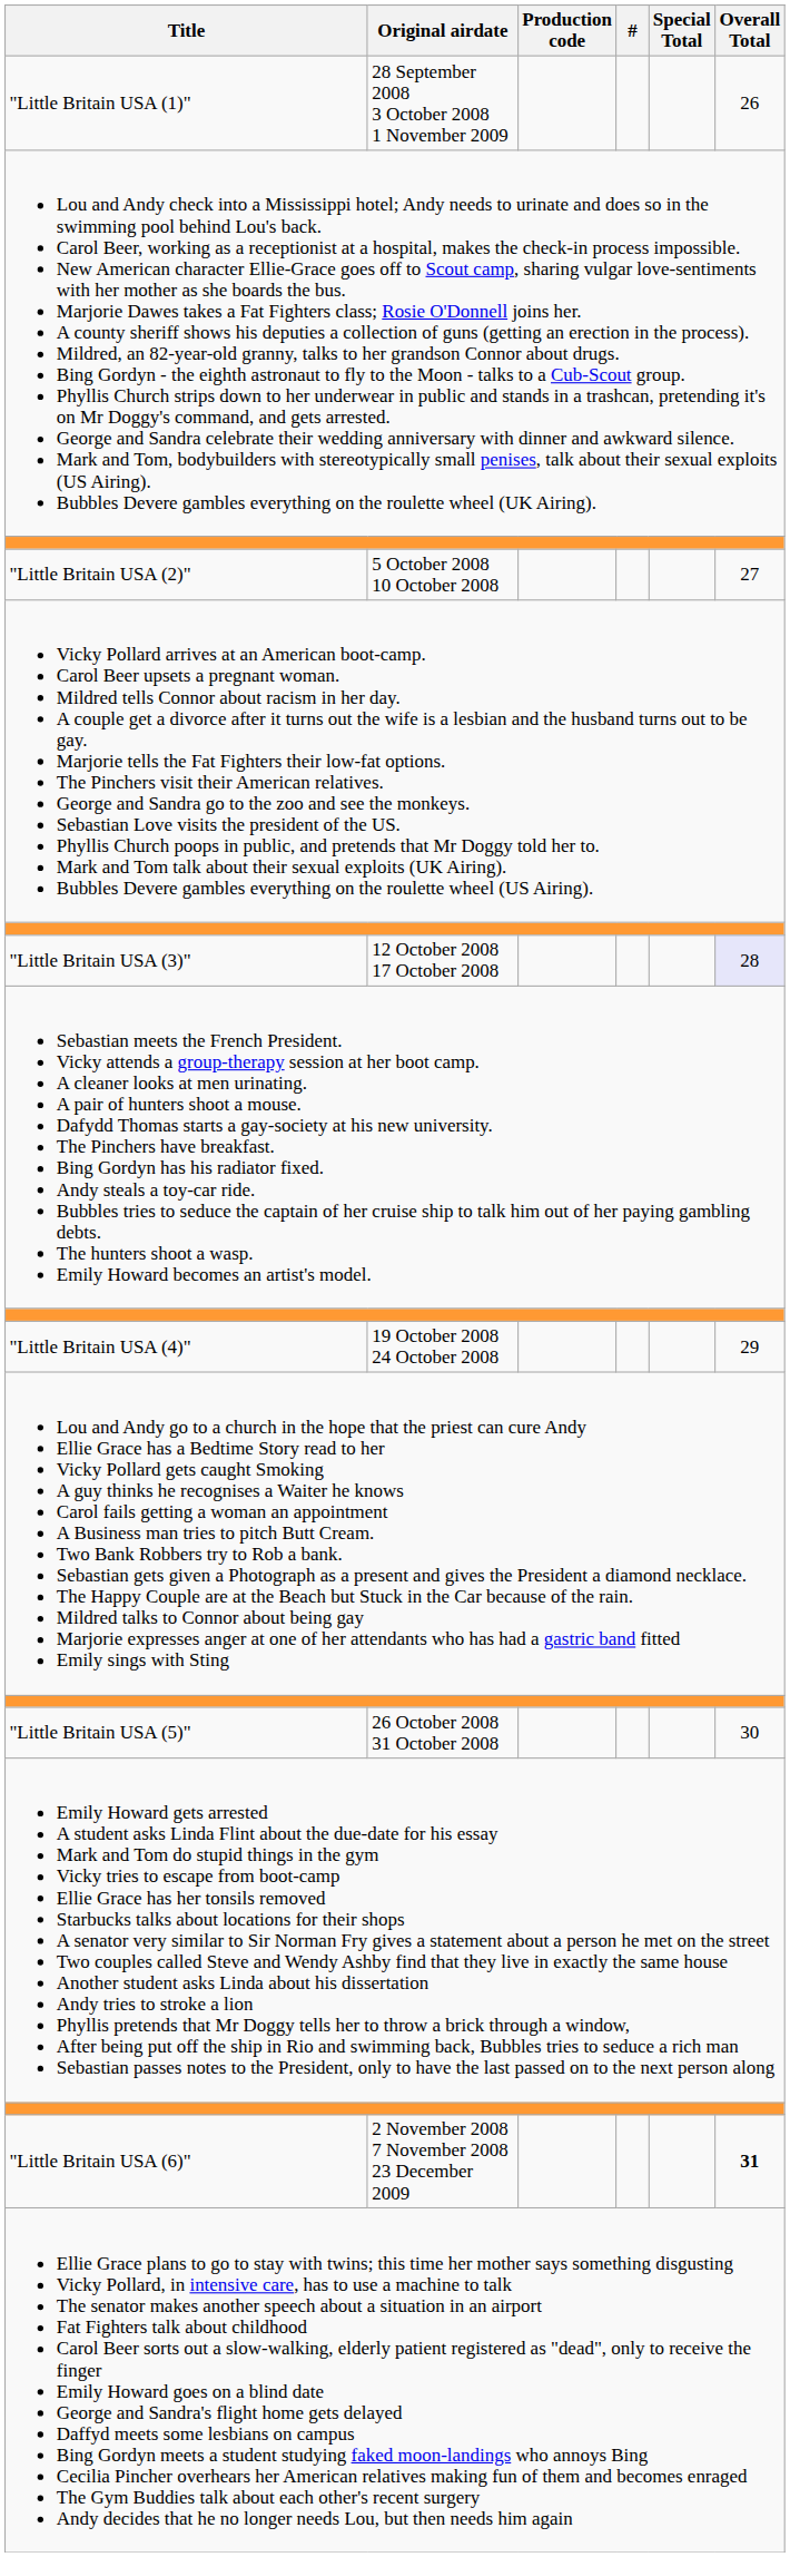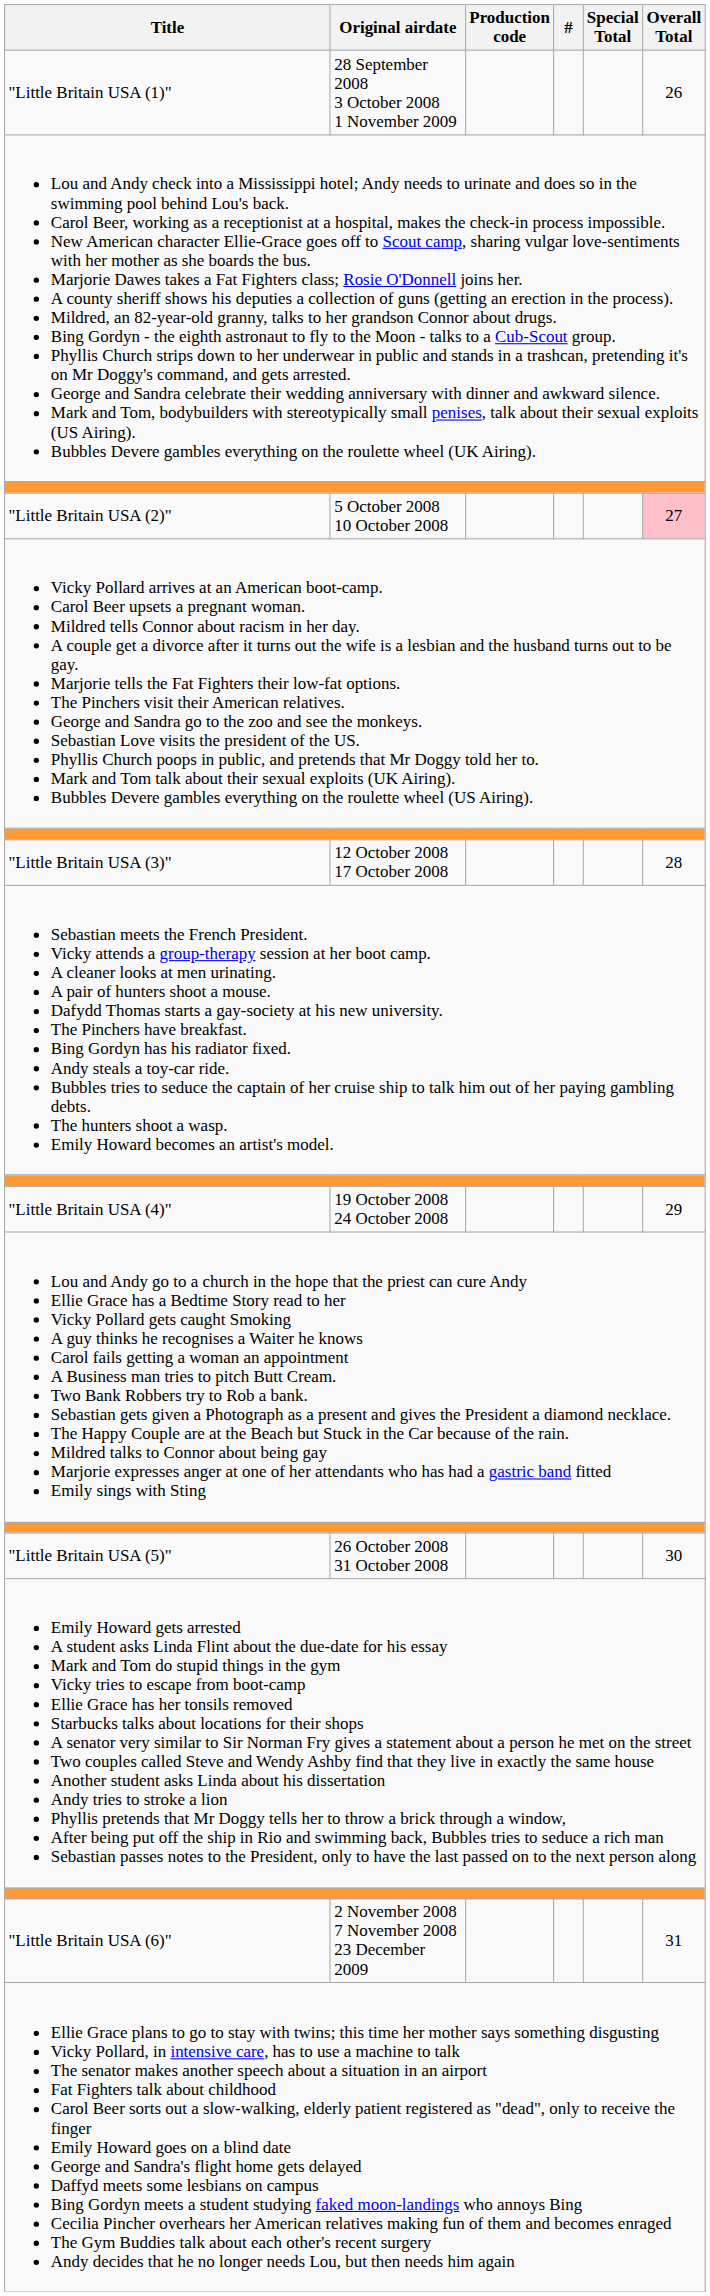 <table class="wikitable">
 <tr>
 <th style="width:300px;">Title</th>
 <th style="width:120px;">Original airdate</th>
 <th style="width:50px;">Production code</th>
 <th style="width:20px;">#</th>
 <th width="5">Special Total</th>
 <th width="8">Overall Total</th>
 </tr>
 <tr>
 <td>"Little Britain USA (1)"</td>
 <td>28 September 2008 <br>3 October 2008 <br>1 November 2009 </td>
 <td style="text-align:center;"></td>
 <td style="text-align:center;"></td>
 <td style="text-align:center;"></td>
 <td style="text-align:center;">26</td>
 </tr>
 <tr>
 <td colspan="6"><br><ul><li>Lou and Andy check into a Mississippi hotel; Andy needs to urinate and does so in the swimming pool behind Lou's back.</li><li>Carol Beer, working as a receptionist at a hospital, makes the check-in process impossible.</li><li>New American character Ellie-Grace goes off to <a href='#'>Scout camp</a>, sharing vulgar love-sentiments with her mother as she boards the bus.</li><li>Marjorie Dawes takes a Fat Fighters class; <a href='#'>Rosie O'Donnell</a> joins her.</li><li>A county sheriff shows his deputies a collection of guns (getting an erection in the process).</li><li>Mildred, an 82-year-old granny, talks to her grandson Connor about drugs.</li><li>Bing Gordyn - the eighth astronaut to fly to the Moon - talks to a <a href='#'>Cub-Scout</a> group.</li><li>Phyllis Church strips down to her underwear in public and stands in a trashcan, pretending it's on Mr Doggy's command, and gets arrested.</li><li>George and Sandra celebrate their wedding anniversary with dinner and awkward silence.</li><li>Mark and Tom, bodybuilders with stereotypically small <a href='#'>penises</a>, talk about their sexual exploits (US Airing).</li><li>Bubbles Devere gambles everything on the roulette wheel (UK Airing).</li></ul></td>
 </tr>
 <tr>
 <td colspan="7"  style="background:#f93; height:3px;;"></td>
 </tr>
 <tr>
 <td>"Little Britain USA (2)"</td>
 <td>5 October 2008 <br>10 October 2008 </td>
 <td style="text-align:center;"></td>
 <td style="text-align:center;"></td>
 <td style="text-align:center;"></td>
-<td style="text-align:center;">27</td>
+<td style="background: pink; text-align:center;">27</td>
 </tr>
 <tr>
 <td colspan="6"><br><ul><li>Vicky Pollard arrives at an American boot-camp.</li><li>Carol Beer upsets a pregnant woman.</li><li>Mildred tells Connor about racism in her day.</li><li>A couple get a divorce after it turns out the wife is a lesbian and the husband turns out to be gay.</li><li>Marjorie tells the Fat Fighters their low-fat options.</li><li>The Pinchers visit their American relatives.</li><li>George and Sandra go to the zoo and see the monkeys.</li><li>Sebastian Love visits the president of the US.</li><li>Phyllis Church poops in public, and pretends that Mr Doggy told her to.</li><li>Mark and Tom talk about their sexual exploits (UK Airing).</li><li>Bubbles Devere gambles everything on the roulette wheel (US Airing).</li></ul></td>
 </tr>
 <tr>
 <td colspan="7"  style="background:#f93; height:3px;;"></td>
 </tr>
 <tr>
 <td>"Little Britain USA (3)"</td>
 <td>12 October 2008 <br>17 October 2008 </td>
 <td style="text-align:center;"></td>
 <td style="text-align:center;"></td>
 <td style="text-align:center;"></td>
-<td style="background: lavender; text-align:center;">28</td>
+<td style="text-align:center;">28</td>
 </tr>
 <tr>
 <td colspan="6"><br><ul><li>Sebastian meets the French President.</li><li>Vicky attends a <a href='#'>group-therapy</a> session at her boot camp.</li><li>A cleaner looks at men urinating.</li><li>A pair of hunters shoot a mouse.</li><li>Dafydd Thomas starts a gay-society at his new university.</li><li>The Pinchers have breakfast.</li><li>Bing Gordyn has his radiator fixed.</li><li>Andy steals a toy-car ride.</li><li>Bubbles tries to seduce the captain of her cruise ship to talk him out of her paying gambling debts.</li><li>The hunters shoot a wasp.</li><li>Emily Howard becomes an artist's model.</li></ul></td>
 </tr>
 <tr>
 <td colspan="7"  style="background:#f93; height:3px;;"></td>
 </tr>
 <tr>
 <td>"Little Britain USA (4)"</td>
 <td>19 October 2008 <br>24 October 2008 </td>
 <td style="text-align:center;"></td>
 <td style="text-align:center;"></td>
 <td style="text-align:center;"></td>
 <td style="text-align:center;">29</td>
 </tr>
 <tr>
 <td colspan="6"><br><ul><li>Lou and Andy go to a church in the hope that the priest can cure Andy</li><li>Ellie Grace has a Bedtime Story read to her</li><li>Vicky Pollard gets caught Smoking</li><li>A guy thinks he recognises a Waiter he knows</li><li>Carol fails getting a woman an appointment</li><li>A Business man tries to pitch Butt Cream.</li><li>Two Bank Robbers try to Rob a bank.</li><li>Sebastian gets given a Photograph as a present and gives the President a diamond necklace.</li><li>The Happy Couple are at the Beach but Stuck in the Car because of the rain.</li><li>Mildred talks to Connor about being gay</li><li>Marjorie expresses anger at one of her attendants who has had a <a href='#'>gastric band</a> fitted</li><li>Emily sings with Sting</li></ul></td>
 </tr>
 <tr>
 <td colspan="7"  style="background:#f93; height:3px;;"></td>
 </tr>
 <tr>
 <td>"Little Britain USA (5)"</td>
 <td>26 October 2008 <br>31 October 2008 </td>
 <td style="text-align:center;"></td>
 <td style="text-align:center;"></td>
 <td style="text-align:center;"></td>
 <td style="text-align:center;">30</td>
 </tr>
 <tr>
 <td colspan="6"><br><ul><li>Emily Howard gets arrested</li><li>A student asks Linda Flint about the due-date for his essay</li><li>Mark and Tom do stupid things in the gym</li><li>Vicky tries to escape from boot-camp</li><li>Ellie Grace has her tonsils removed</li><li>Starbucks talks about locations for their shops</li><li>A senator very similar to Sir Norman Fry gives a statement about a person he met on the street</li><li>Two couples called Steve and Wendy Ashby find that they live in exactly the same house</li><li>Another student asks Linda about his dissertation</li><li>Andy tries to stroke a lion</li><li>Phyllis pretends that Mr Doggy tells her to throw a brick through a window,</li><li>After being put off the ship in Rio and swimming back, Bubbles tries to seduce a rich man</li><li>Sebastian passes notes to the President, only to have the last passed on to the next person along</li></ul></td>
 </tr>
 <tr>
 <td colspan="7"  style="background:#f93; height:3px;;"></td>
 </tr>
 <tr>
 <td>"Little Britain USA (6)"</td>
 <td>2 November 2008 <br>7 November 2008 <br>23 December 2009 </td>
 <td style="text-align:center;"></td>
 <td style="text-align:center;"></td>
 <td style="text-align:center;"></td>
-<td style="text-align:center;"><strong>31</strong></td>
+<td style="text-align:center;">31</td>
 </tr>
 <tr>
 <td colspan="6"><br><ul><li>Ellie Grace plans to go to stay with twins; this time her mother says something disgusting</li><li>Vicky Pollard, in <a href='#'>intensive care</a>, has to use a machine to talk</li><li>The senator makes another speech about a situation in an airport</li><li>Fat Fighters talk about childhood</li><li>Carol Beer sorts out a slow-walking, elderly patient registered as "dead", only to receive the finger</li><li>Emily Howard goes on a blind date</li><li>George and Sandra's flight home gets delayed</li><li>Daffyd meets some lesbians on campus</li><li>Bing Gordyn meets a student studying <a href='#'>faked moon-landings</a> who annoys Bing</li><li>Cecilia Pincher overhears her American relatives making fun of them and becomes enraged</li><li>The Gym Buddies talk about each other's recent surgery</li><li>Andy decides that he no longer needs Lou, but then needs him again</li></ul></td>
 </tr>
 </table>
